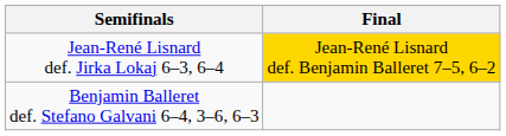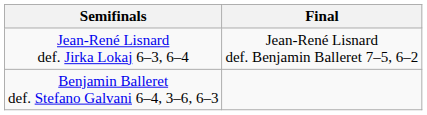 <table class="wikitable" style="text-align:center">
 <tr>
 <th>Semifinals</th>
 <th>Final</th>
 </tr>
 <tr>
 <td> <a href='#'>Jean-René Lisnard</a><br>def.  <a href='#'>Jirka Lokaj</a>  6–3, 6–4</td>
-<td style="background: gold;"> Jean-René Lisnard<br>def.  Benjamin Balleret  7–5, 6–2</td>
+<td> Jean-René Lisnard<br>def.  Benjamin Balleret  7–5, 6–2</td>
 </tr>
 <tr>
 <td> <a href='#'>Benjamin Balleret</a><br>def.  <a href='#'>Stefano Galvani</a>  6–4, 3–6, 6–3</td>
 </tr>
 </table>
